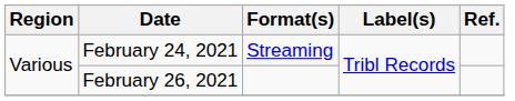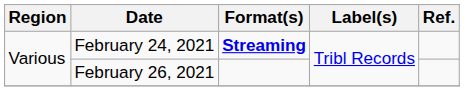 <table class="wikitable plainrowheaders">
 <tr>
 <th scope="col">Region</th>
 <th scope="col">Date</th>
 <th scope="col">Format(s)</th>
 <th scope="col">Label(s)</th>
 <th scope="col">Ref.</th>
 </tr>
 <tr>
 <td rowspan="2">Various</td>
 <td>February 24, 2021 <br></td>
-<td><a href='#'>Streaming</a></td>
+<td><strong><a href='#'>Streaming</a></strong></td>
 <td rowspan="2"><a href='#'>Tribl Records</a></td>
 <td></td>
 </tr>
 <tr>
 <td>February 26, 2021</td>
 <td></td>
 <td></td>
 </tr>
 <tr>
 </tr>
 </table>
